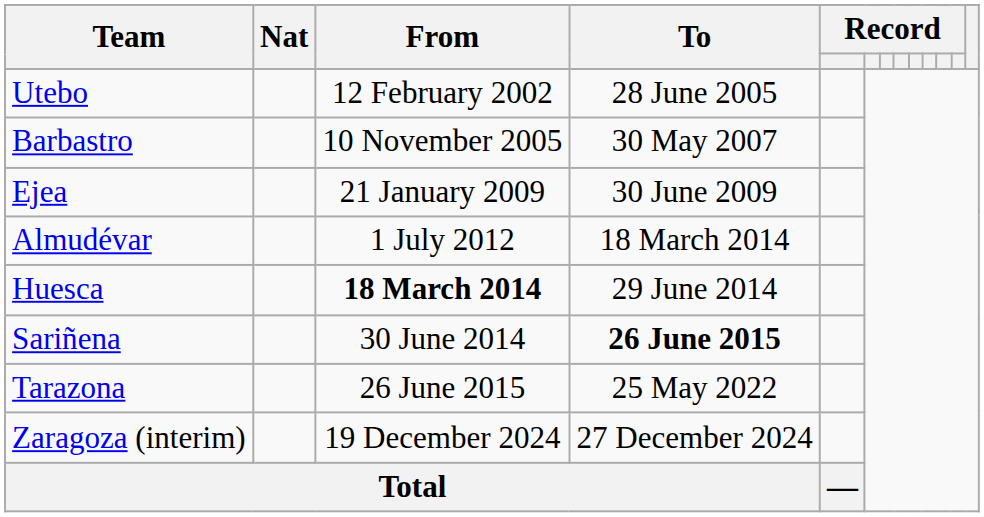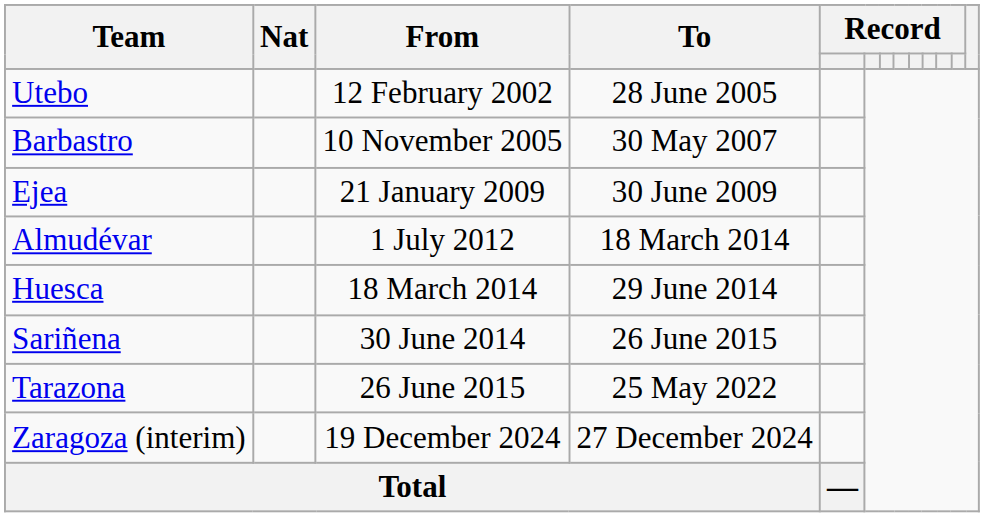 <table class="wikitable" style="text-align: center">
 <tr>
 <th rowspan="2">Team</th>
 <th rowspan="2">Nat</th>
 <th rowspan="2">From</th>
 <th rowspan="2">To</th>
 <th colspan="8">Record</th>
 <th rowspan=2></th>
 </tr>
 <tr>
 <th></th>
 <th></th>
 <th></th>
 <th></th>
 <th></th>
 <th></th>
 <th></th>
 <th></th>
 </tr>
 <tr>
 <td align="left"><a href='#'>Utebo</a></td>
 <td align="center"></td>
 <td align="center">12 February 2002</td>
 <td align="center">28 June 2005<br></td>
 <td></td>
 </tr>
 <tr>
 <td align="left"><a href='#'>Barbastro</a></td>
 <td align="center"></td>
 <td align="center">10 November 2005</td>
 <td align="center">30 May 2007<br></td>
 <td></td>
 </tr>
 <tr>
 <td align="left"><a href='#'>Ejea</a></td>
 <td align="center"></td>
 <td align="center">21 January 2009</td>
 <td align="center">30 June 2009<br></td>
 <td></td>
 </tr>
 <tr>
 <td align="left"><a href='#'>Almudévar</a></td>
 <td align="center"></td>
 <td align="center">1 July 2012</td>
 <td align="center">18 March 2014<br></td>
 <td></td>
 </tr>
 <tr>
 <td align="left"><a href='#'>Huesca</a></td>
 <td align="center"></td>
-<td align="center"><strong>18 March 2014</strong></td>
+<td align="center">18 March 2014</td>
 <td align="center">29 June 2014<br></td>
 <td></td>
 </tr>
 <tr>
 <td align="left"><a href='#'>Sariñena</a></td>
 <td align="center"></td>
 <td align="center">30 June 2014</td>
-<td align="center"><strong>26 June 2015<br></strong></td>
+<td align="center">26 June 2015<br></td>
 <td></td>
 </tr>
 <tr>
 <td align="left"><a href='#'>Tarazona</a></td>
 <td align="center"></td>
 <td align="center">26 June 2015</td>
 <td align="center">25 May 2022<br></td>
 <td></td>
 </tr>
 <tr>
 <td align="left"><a href='#'>Zaragoza</a> (interim)</td>
 <td align="center"></td>
 <td align="center">19 December 2024</td>
 <td align="center">27 December 2024<br></td>
 <td></td>
 </tr>
 <tr>
 <th colspan="4">Total<br></th>
 <th>—</th>
 </tr>
 </table>
